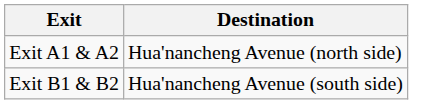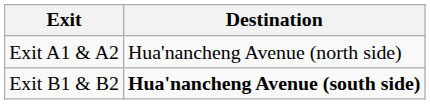 <table class="wikitable">
 <tr>
 <th style="width:70px" colspan="2">Exit</th>
 <th>Destination</th>
 </tr>
 <tr>
 <td align="center" colspan="2">Exit A1 & A2</td>
 <td>Hua'nancheng Avenue (north side)</td>
 </tr>
 <tr>
 <td align="center" colspan="2">Exit B1 & B2</td>
-<td>Hua'nancheng Avenue (south side)</td>
+<td><strong>Hua'nancheng Avenue (south side)</strong></td>
 </tr>
 </table>
